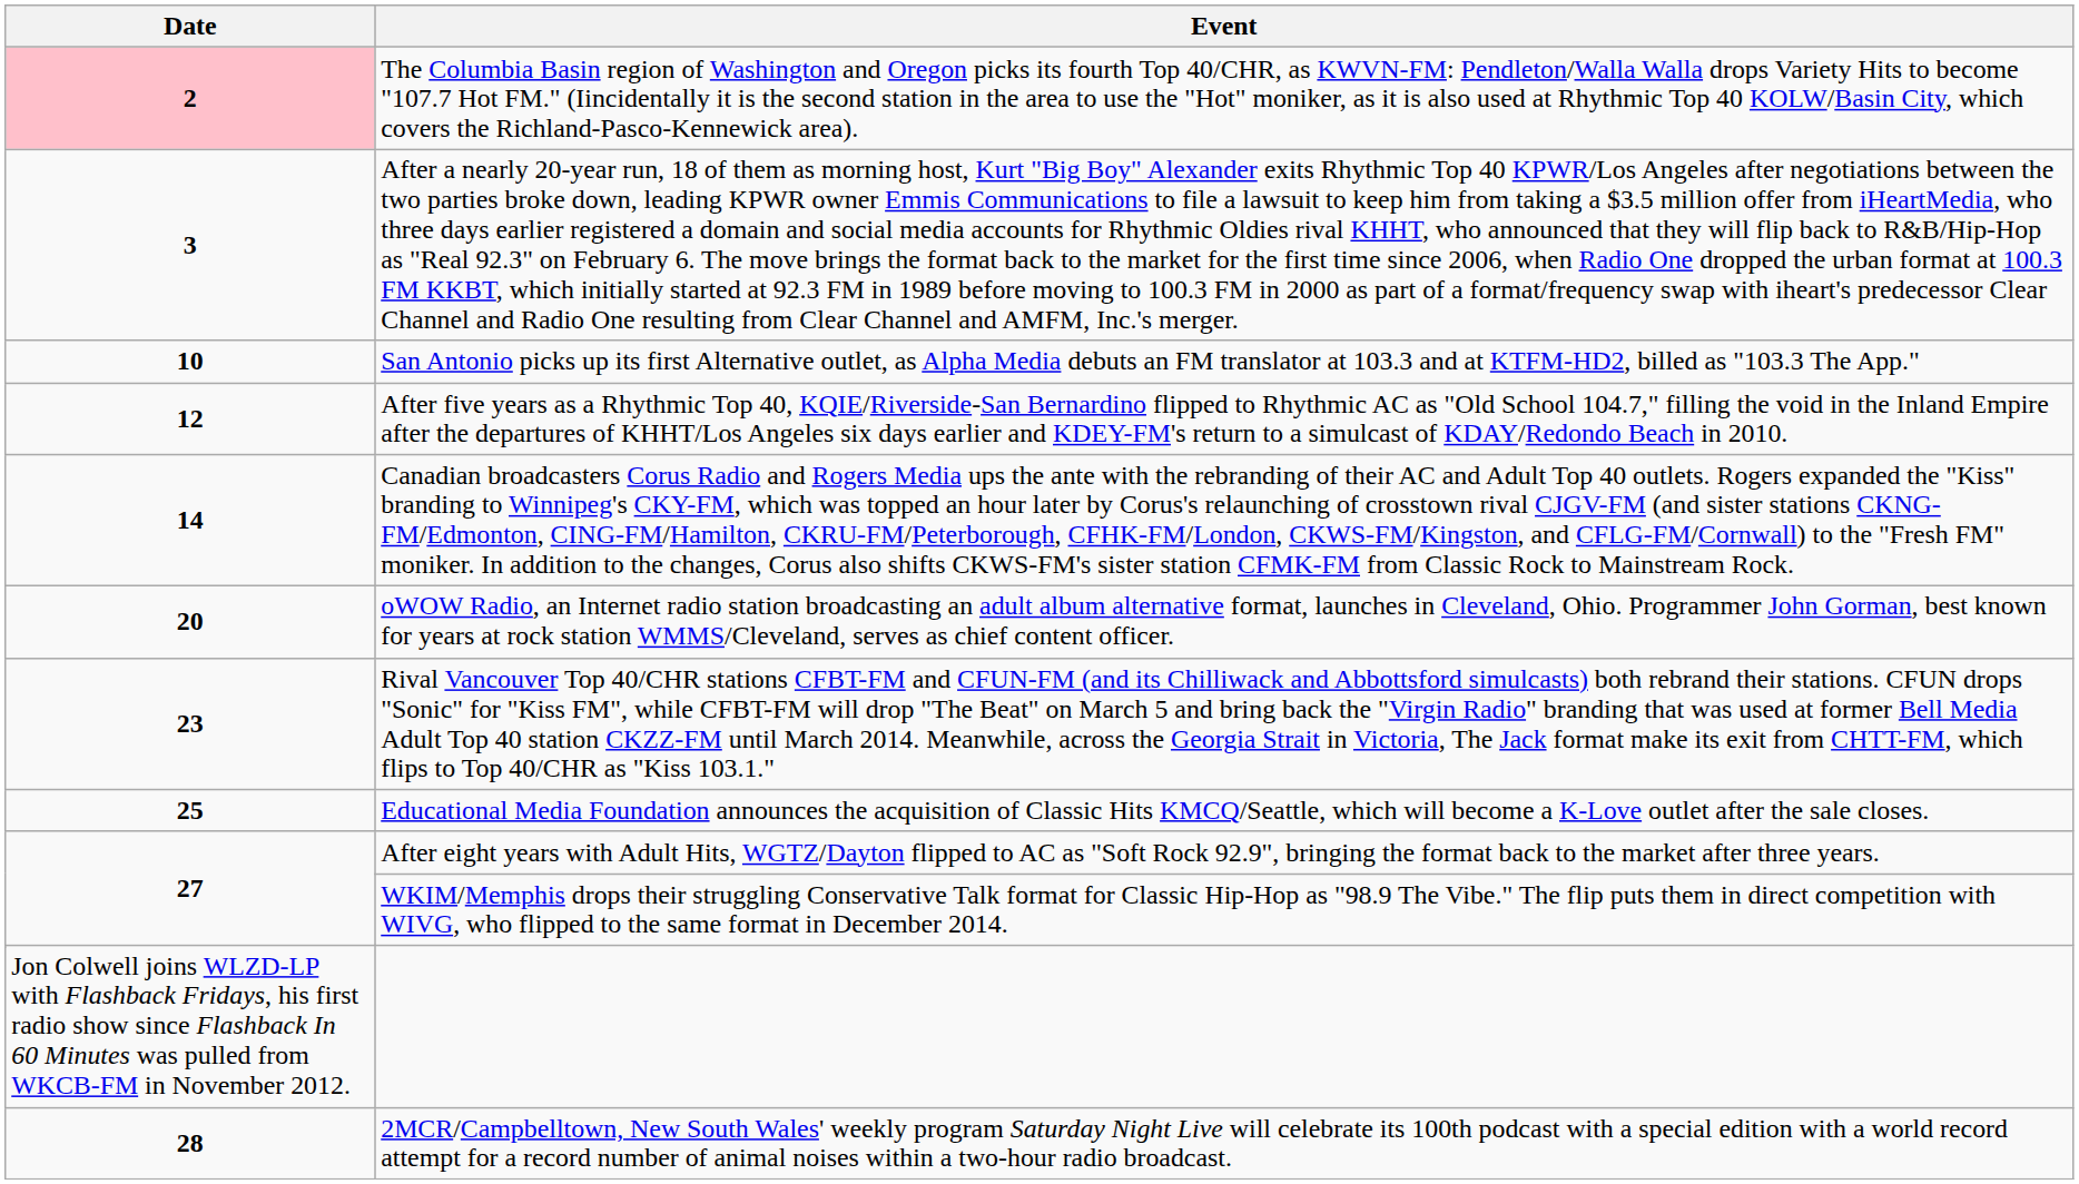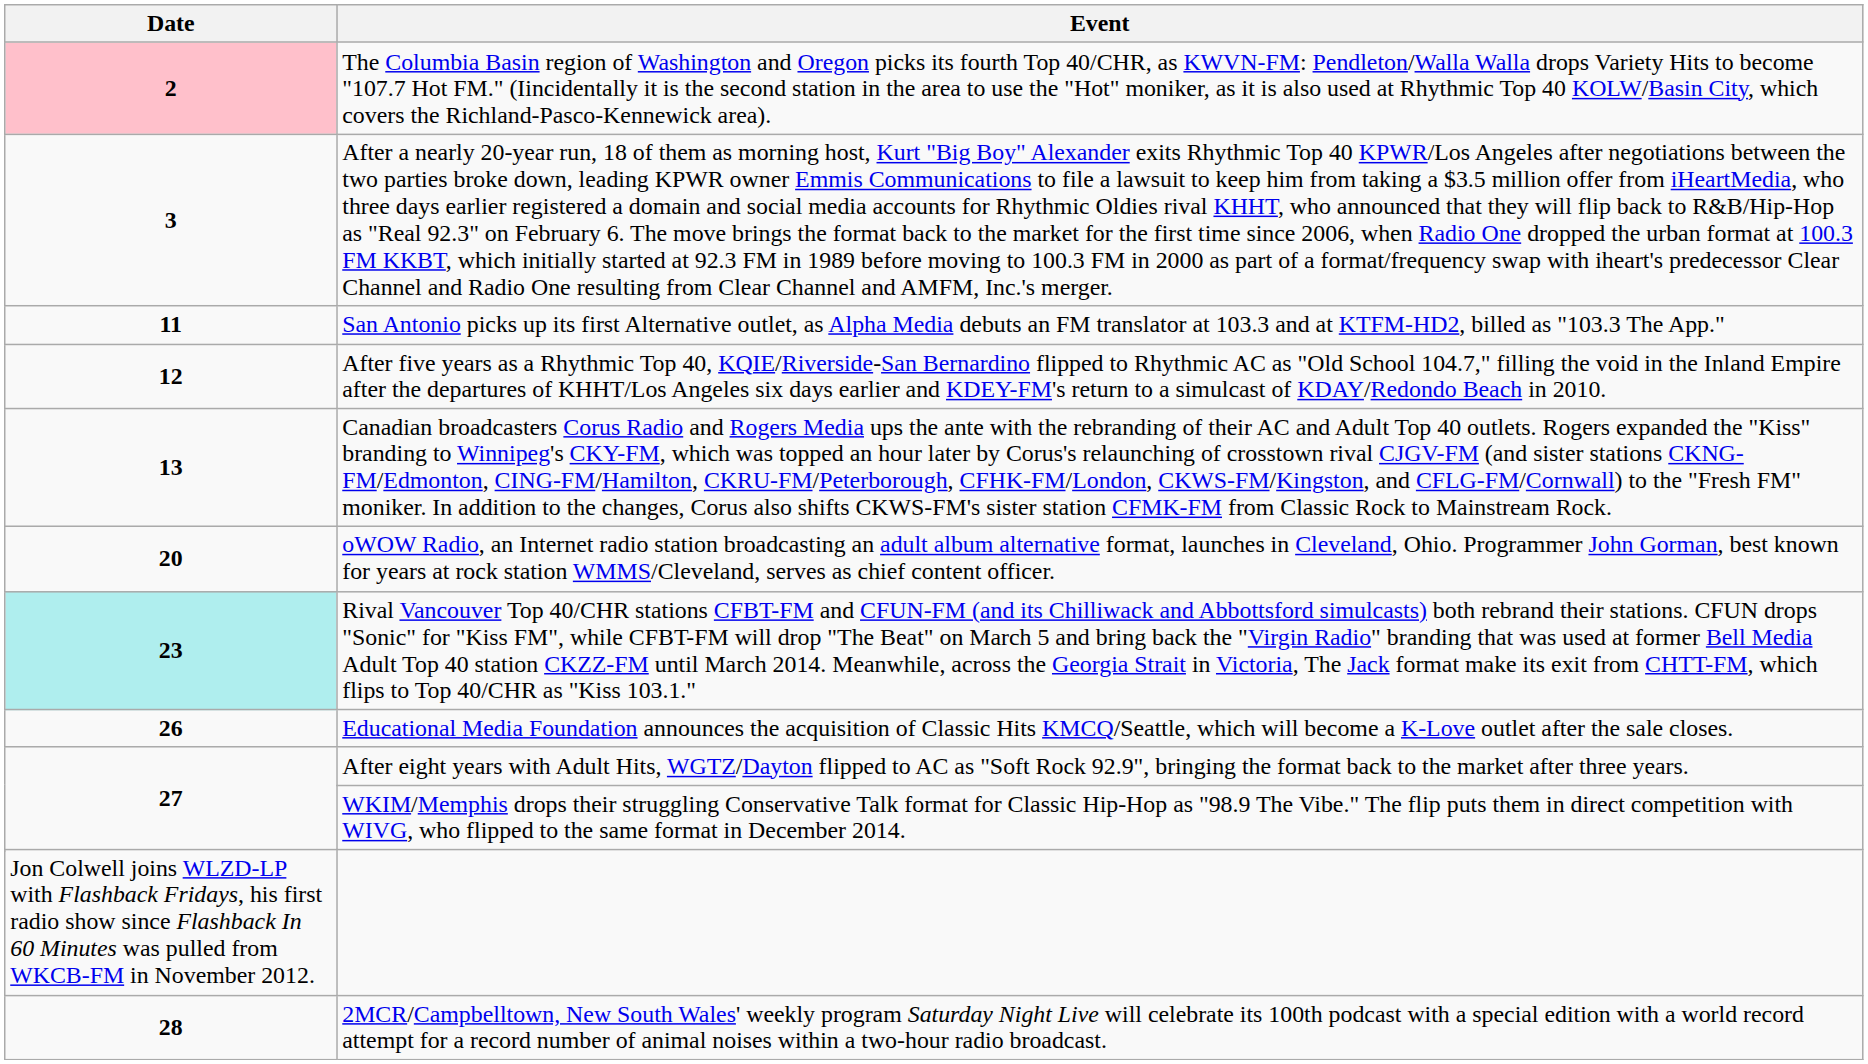 <table class="wikitable">
 <tr>
 <th>Date</th>
 <th>Event</th>
 </tr>
 <tr>
 <td style="background: pink; text-align:center;"><strong>2</strong></td>
 <td>The <a href='#'>Columbia Basin</a> region of <a href='#'>Washington</a> and <a href='#'>Oregon</a> picks its fourth Top 40/CHR, as <a href='#'>KWVN-FM</a>: <a href='#'>Pendleton</a>/<a href='#'>Walla Walla</a> drops Variety Hits to become "107.7 Hot FM." (Iincidentally it is the second station in the area to use the "Hot" moniker, as it is also used at Rhythmic Top 40 <a href='#'>KOLW</a>/<a href='#'>Basin City</a>, which covers the Richland-Pasco-Kennewick area).</td>
 </tr>
 <tr>
 <td style="text-align:center;"><strong>3</strong></td>
 <td>After a nearly 20-year run, 18 of them as morning host, <a href='#'>Kurt "Big Boy" Alexander</a> exits Rhythmic Top 40 <a href='#'>KPWR</a>/Los Angeles after negotiations between the two parties broke down, leading KPWR owner <a href='#'>Emmis Communications</a> to file a lawsuit to keep him from taking a $3.5 million offer from <a href='#'>iHeartMedia</a>, who three days earlier registered a domain and social media accounts for Rhythmic Oldies rival <a href='#'>KHHT</a>, who announced that they will flip back to R&B/Hip-Hop as "Real 92.3" on February 6. The move brings the format back to the market for the first time since 2006, when <a href='#'>Radio One</a> dropped the urban format at <a href='#'>100.3 FM KKBT</a>, which initially started at 92.3 FM in 1989 before moving to 100.3 FM in 2000 as part of a format/frequency swap with iheart's predecessor Clear Channel and Radio One resulting from Clear Channel and AMFM, Inc.'s merger.</td>
 </tr>
 <tr>
-<td style="text-align:center;"><strong>10</strong></td>
+<td style="text-align:center;"><strong>11</strong></td>
 <td><a href='#'>San Antonio</a> picks up its first Alternative outlet, as <a href='#'>Alpha Media</a> debuts an FM translator at 103.3 and at <a href='#'>KTFM-HD2</a>, billed as "103.3 The App."</td>
 </tr>
 <tr>
 <td style="text-align:center;"><strong>12</strong></td>
 <td>After five years as a Rhythmic Top 40, <a href='#'>KQIE</a>/<a href='#'>Riverside</a>-<a href='#'>San Bernardino</a> flipped to Rhythmic AC as "Old School 104.7," filling the void in the Inland Empire after the departures of KHHT/Los Angeles six days earlier and <a href='#'>KDEY-FM</a>'s return to a simulcast of <a href='#'>KDAY</a>/<a href='#'>Redondo Beach</a> in 2010.</td>
 </tr>
 <tr>
-<td style="text-align:center;"><strong>14</strong></td>
+<td style="text-align:center;"><strong>13</strong></td>
 <td>Canadian broadcasters <a href='#'>Corus Radio</a> and <a href='#'>Rogers Media</a> ups the ante with the rebranding of their AC and Adult Top 40 outlets. Rogers expanded the "Kiss" branding to <a href='#'>Winnipeg</a>'s <a href='#'>CKY-FM</a>, which was topped an hour later by Corus's relaunching of crosstown rival <a href='#'>CJGV-FM</a> (and sister stations <a href='#'>CKNG-FM</a>/<a href='#'>Edmonton</a>, <a href='#'>CING-FM</a>/<a href='#'>Hamilton</a>, <a href='#'>CKRU-FM</a>/<a href='#'>Peterborough</a>, <a href='#'>CFHK-FM</a>/<a href='#'>London</a>, <a href='#'>CKWS-FM</a>/<a href='#'>Kingston</a>, and <a href='#'>CFLG-FM</a>/<a href='#'>Cornwall</a>) to the "Fresh FM" moniker. In addition to the changes, Corus also shifts CKWS-FM's sister station <a href='#'>CFMK-FM</a> from Classic Rock to Mainstream Rock.</td>
 </tr>
 <tr>
 <td style="text-align:center;"><strong>20</strong></td>
 <td><a href='#'>oWOW Radio</a>, an Internet radio station broadcasting an <a href='#'>adult album alternative</a> format, launches in <a href='#'>Cleveland</a>, Ohio.  Programmer <a href='#'>John Gorman</a>, best known for years at rock station <a href='#'>WMMS</a>/Cleveland, serves as chief content officer.</td>
 </tr>
 <tr>
-<td style="text-align:center;"><strong>23</strong></td>
+<td style="background: paleturquoise; text-align:center;"><strong>23</strong></td>
 <td>Rival <a href='#'>Vancouver</a> Top 40/CHR stations <a href='#'>CFBT-FM</a> and <a href='#'>CFUN-FM (and its Chilliwack and Abbottsford simulcasts)</a> both rebrand their stations. CFUN drops "Sonic" for "Kiss FM", while CFBT-FM will drop "The Beat" on March 5 and bring back the "<a href='#'>Virgin Radio</a>" branding that was used at former <a href='#'>Bell Media</a> Adult Top 40 station <a href='#'>CKZZ-FM</a> until March 2014. Meanwhile, across the <a href='#'>Georgia Strait</a> in <a href='#'>Victoria</a>, The <a href='#'>Jack</a> format make its exit from <a href='#'>CHTT-FM</a>, which flips to Top 40/CHR as "Kiss 103.1."</td>
 </tr>
 <tr>
-<td style="text-align:center;"><strong>25</strong></td>
+<td style="text-align:center;"><strong>26</strong></td>
 <td><a href='#'>Educational Media Foundation</a> announces the acquisition of Classic Hits <a href='#'>KMCQ</a>/Seattle, which will become a <a href='#'>K-Love</a> outlet after the sale closes.</td>
 </tr>
 <tr>
 <td style="text-align:center;" rowspan=3><strong>27</strong></td>
 <td>After eight years with Adult Hits, <a href='#'>WGTZ</a>/<a href='#'>Dayton</a> flipped to AC as "Soft Rock 92.9", bringing the format back to the market after three years.</td>
 </tr>
 <tr>
 <td><a href='#'>WKIM</a>/<a href='#'>Memphis</a> drops their struggling Conservative Talk format for Classic Hip-Hop as "98.9 The Vibe." The flip puts them in direct competition with <a href='#'>WIVG</a>, who flipped to the same format in December 2014.</td>
 </tr>
 <tr>
 </tr>
 <tr>
 <td>Jon Colwell joins <a href='#'>WLZD-LP</a> with <em>Flashback Fridays</em>, his first radio show since <em>Flashback In 60 Minutes</em> was pulled from <a href='#'>WKCB-FM</a> in November 2012.</td>
 </tr>
 <tr>
 <td style="text-align:center;"><strong>28</strong></td>
 <td><a href='#'>2MCR</a>/<a href='#'>Campbelltown, New South Wales</a>' weekly program <em>Saturday Night Live</em> will celebrate its 100th podcast with a special edition with a world record attempt for a record number of animal noises within a two-hour radio broadcast.</td>
 </tr>
 </table>
